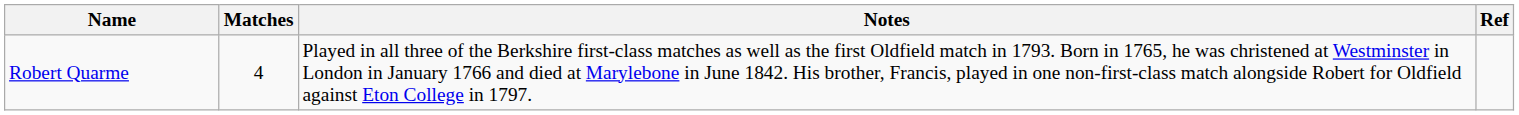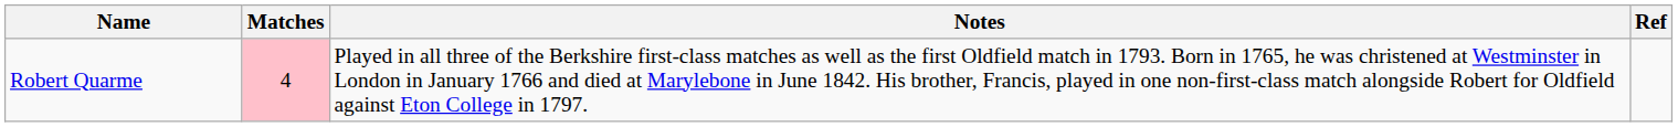 <table class="wikitable">
 <tr>
 <th style="width:170px">Name</th>
 <th>Matches</th>
 <th>Notes</th>
 <th>Ref</th>
 </tr>
 <tr>
 <td><a href='#'>Robert Quarme</a></td>
-<td align=center>4</td>
+<td align=center style="background: pink;">4</td>
 <td>Played in all three of the Berkshire first-class matches as well as the first Oldfield match in 1793. Born in 1765, he was christened at <a href='#'>Westminster</a> in London in January 1766 and died at <a href='#'>Marylebone</a> in June 1842. His brother, Francis, played in one non-first-class match alongside Robert for Oldfield against <a href='#'>Eton College</a> in 1797.</td>
 <td></td>
 </tr>
 </table>
